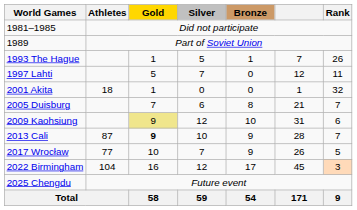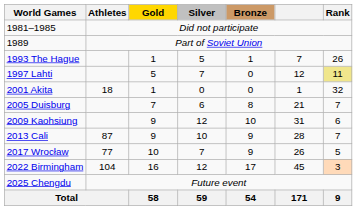 <table class="wikitable" style="text-align:center; font-size:90%;">
 <tr>
 <th>World Games</th>
 <th>Athletes</th>
 <td style="background:gold; width:4.5em; font-weight:bold;">Gold<br></td>
 <td style="background:silver; width:4.5em; font-weight:bold;">Silver<br></td>
 <td style="background:#cc9966; width:4.5em; font-weight:bold;">Bronze<br></td>
 <th style="width:4.5em; font-weight:bold;"></th>
 <th>Rank</th>
 </tr>
 <tr>
 <td align=left>1981–1985</td>
 <td colspan=6><em>Did not participate</em></td>
 </tr>
 <tr>
 <td align=left>1989</td>
 <td colspan=6><em>Part of  <a href='#'>Soviet Union</a></em></td>
 </tr>
 <tr>
 <td align=left> <a href='#'>1993 The Hague</a></td>
 <td></td>
 <td>1</td>
 <td>5</td>
 <td>1</td>
 <td>7</td>
 <td>26</td>
 </tr>
 <tr>
 <td align=left> <a href='#'>1997 Lahti</a></td>
 <td></td>
 <td>5</td>
 <td>7</td>
 <td>0</td>
 <td>12</td>
-<td>11</td>
+<td style="background: khaki;">11</td>
 </tr>
 <tr>
 <td align=left> <a href='#'>2001 Akita</a></td>
 <td>18</td>
 <td>1</td>
 <td>0</td>
 <td>0</td>
 <td>1</td>
 <td>32</td>
 </tr>
 <tr>
 <td align=left> <a href='#'>2005 Duisburg</a></td>
 <td></td>
 <td>7</td>
 <td>6</td>
 <td>8</td>
 <td>21</td>
 <td>7</td>
 </tr>
 <tr>
 <td align=left> <a href='#'>2009 Kaohsiung</a></td>
 <td></td>
-<td style="background: khaki;">9</td>
+<td>9</td>
 <td>12</td>
 <td>10</td>
 <td>31</td>
 <td>6</td>
 </tr>
 <tr>
 <td align=left> <a href='#'>2013 Cali</a></td>
 <td>87</td>
-<td><strong>9</strong></td>
+<td>9</td>
 <td>10</td>
 <td>9</td>
 <td>28</td>
 <td>7</td>
 </tr>
 <tr>
 <td align=left> <a href='#'>2017 Wrocław</a></td>
 <td>77</td>
 <td>10</td>
 <td>7</td>
 <td>9</td>
 <td>26</td>
 <td>5</td>
 </tr>
 <tr>
 <td align=left> <a href='#'>2022 Birmingham</a></td>
 <td>104</td>
 <td>16</td>
 <td>12</td>
 <td>17</td>
 <td>45</td>
 <td style="background:#ffdab9;">3</td>
 </tr>
 <tr>
 <td align=left> <a href='#'>2025 Chengdu</a></td>
 <td colspan=6><em>Future event</em></td>
 </tr>
 <tr>
 <th colspan=2>Total</th>
 <th>58</th>
 <th>59</th>
 <th>54</th>
 <th>171</th>
 <th>9</th>
 </tr>
 </table>
